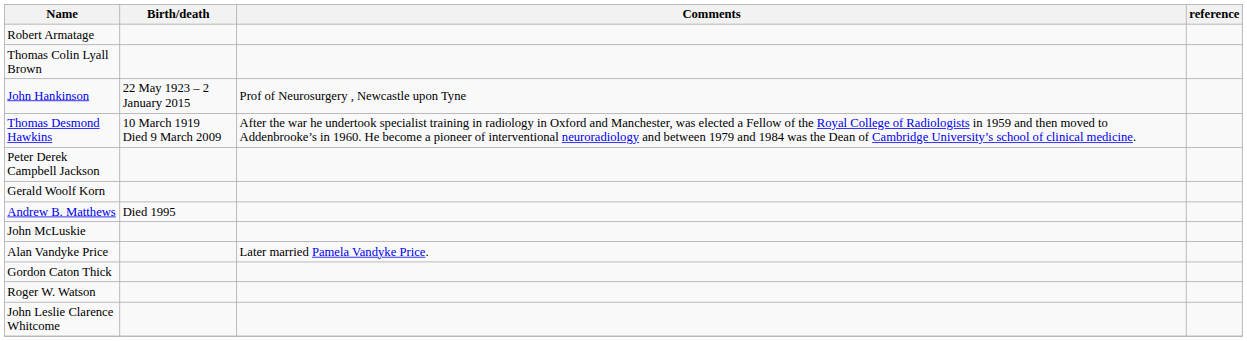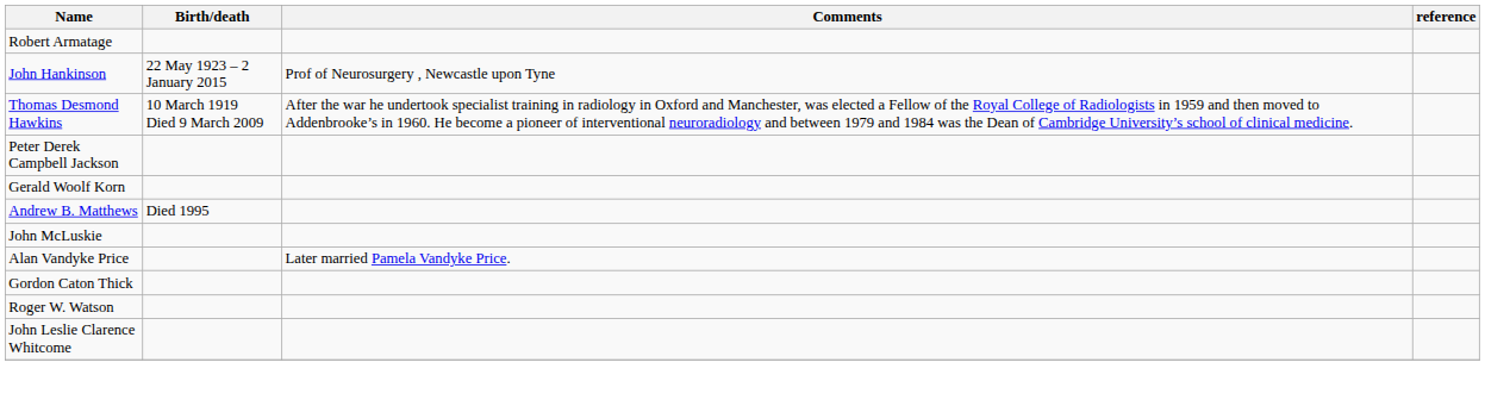 <table class="wikitable">
 <tr>
 <th>Name</th>
 <th>Birth/death</th>
 <th>Comments</th>
 <th>reference</th>
 </tr>
 <tr>
 <td>Robert Armatage</td>
-<td></td>
-<td></td>
-<td></td>
-</tr>
-<tr>
-<td>Thomas Colin Lyall Brown</td>
 <td></td>
 <td></td>
 <td></td>
 </tr>
 <tr>
 <td><a href='#'>John Hankinson</a></td>
 <td>22 May 1923 – 2 January 2015</td>
 <td>Prof of Neurosurgery , Newcastle upon Tyne</td>
 <td></td>
 </tr>
 <tr>
 <td><a href='#'>Thomas Desmond Hawkins</a></td>
 <td>10 March 1919<br>Died  9 March 2009</td>
 <td>After the war he undertook specialist training in radiology in Oxford and Manchester, was elected a Fellow of the <a href='#'>Royal College of Radiologists</a> in 1959 and then moved to Addenbrooke’s in 1960. He become a pioneer of interventional <a href='#'>neuroradiology</a> and between 1979 and 1984 was the Dean of <a href='#'>Cambridge University’s school of clinical medicine</a>.</td>
 <td></td>
 </tr>
 <tr>
 <td>Peter Derek Campbell Jackson</td>
 <td></td>
 <td></td>
 <td></td>
 </tr>
 <tr>
 <td>Gerald Woolf Korn</td>
 <td></td>
 <td></td>
 <td></td>
 </tr>
 <tr>
 <td><a href='#'>Andrew B. Matthews</a></td>
 <td>Died 1995</td>
 <td></td>
 <td></td>
 </tr>
 <tr>
 <td>John McLuskie</td>
 <td></td>
 <td></td>
 <td></td>
 </tr>
 <tr>
 <td>Alan Vandyke Price</td>
 <td></td>
 <td>Later married <a href='#'>Pamela Vandyke Price</a>.</td>
 <td></td>
 </tr>
 <tr>
 <td>Gordon Caton Thick</td>
 <td></td>
 <td></td>
 <td></td>
 </tr>
 <tr>
 <td>Roger W. Watson</td>
 <td></td>
 <td></td>
 <td></td>
 </tr>
 <tr>
 <td>John Leslie Clarence Whitcome</td>
 <td></td>
 <td></td>
 <td></td>
 </tr>
 <tr>
 </tr>
 </table>
